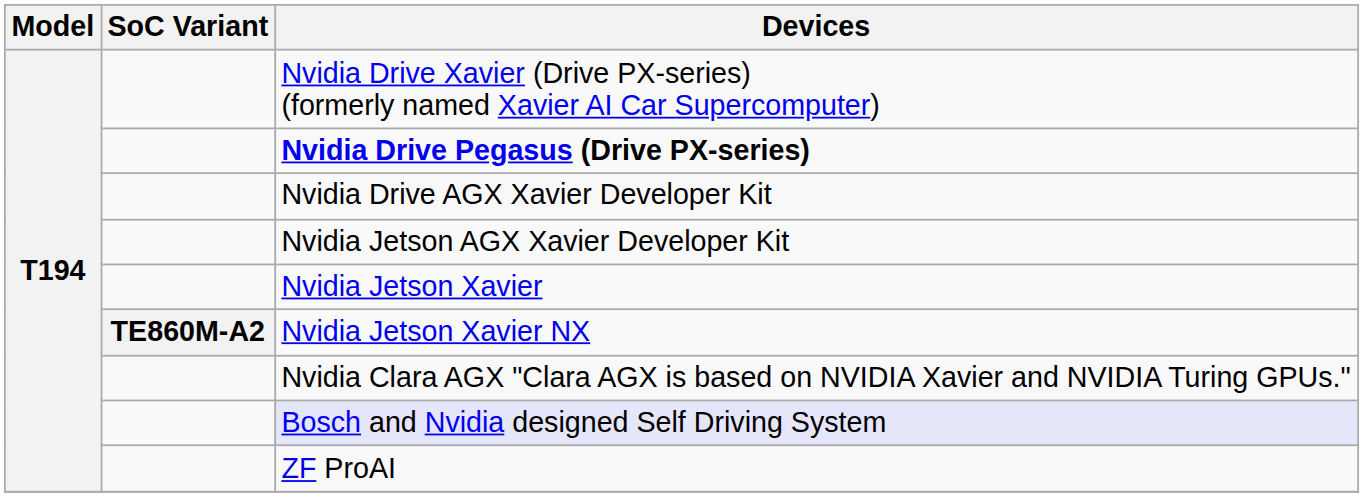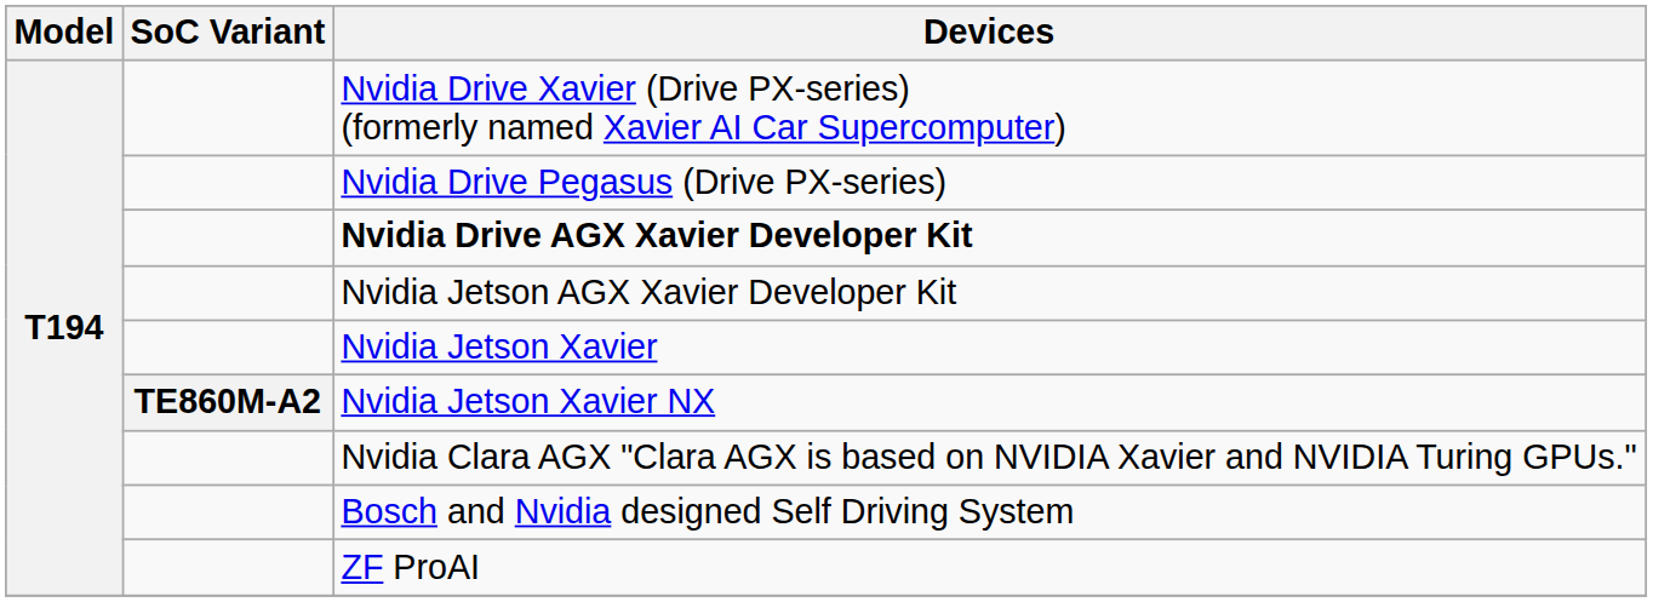 <table class="wikitable">
 <tr>
 <th>Model</th>
 <th>SoC Variant</th>
 <th>Devices</th>
 </tr>
 <tr>
 <th rowspan="9">T194</th>
 <td></td>
 <td><a href='#'>Nvidia Drive Xavier</a> (Drive PX-series)<br>(formerly named <a href='#'>Xavier AI Car Supercomputer</a>)</td>
 </tr>
 <tr>
 <td></td>
-<td><strong><a href='#'>Nvidia Drive Pegasus</a> (Drive PX-series)</strong></td>
+<td><a href='#'>Nvidia Drive Pegasus</a> (Drive PX-series)</td>
 </tr>
 <tr>
 <td></td>
-<td>Nvidia Drive AGX Xavier Developer Kit</td>
+<td><strong>Nvidia Drive AGX Xavier Developer Kit</strong></td>
 </tr>
 <tr>
 <td></td>
 <td>Nvidia Jetson AGX Xavier Developer Kit</td>
 </tr>
 <tr>
 <td></td>
 <td><a href='#'>Nvidia Jetson Xavier</a></td>
 </tr>
 <tr>
 <th>TE860M-A2</th>
 <td><a href='#'>Nvidia Jetson Xavier NX</a></td>
 </tr>
 <tr>
 <td></td>
 <td>Nvidia Clara AGX "Clara AGX is based on NVIDIA Xavier and NVIDIA Turing GPUs."</td>
 </tr>
 <tr>
 <td></td>
-<td style="background: lavender;"><a href='#'>Bosch</a> and <a href='#'>Nvidia</a> designed Self Driving System</td>
+<td><a href='#'>Bosch</a> and <a href='#'>Nvidia</a> designed Self Driving System</td>
 </tr>
 <tr>
 <td></td>
 <td><a href='#'>ZF</a> ProAI</td>
 </tr>
 <tr>
 </tr>
 </table>
